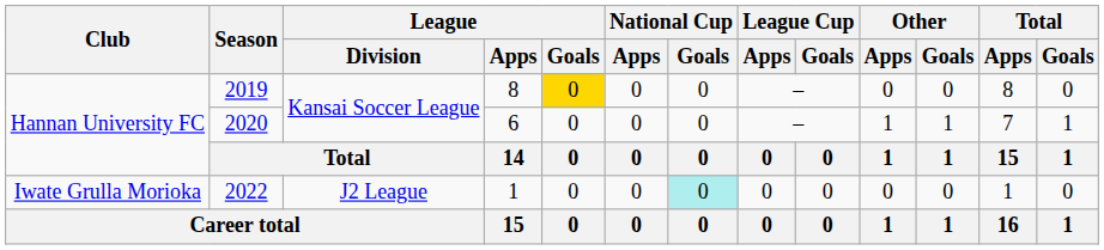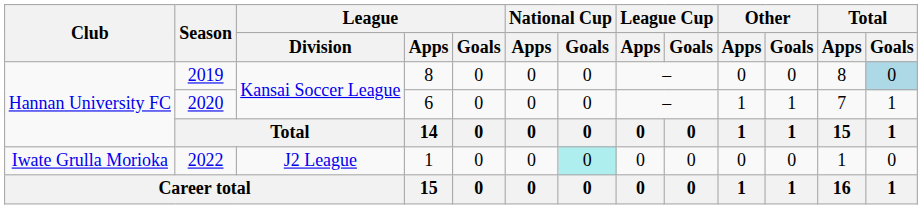 <table class="wikitable" style="text-align: center">
 <tr>
 <th rowspan="2">Club</th>
 <th rowspan="2">Season</th>
 <th colspan="3">League</th>
 <th colspan="2">National Cup</th>
 <th colspan="2">League Cup</th>
 <th colspan="2">Other</th>
 <th colspan="2">Total</th>
 </tr>
 <tr>
 <th>Division</th>
 <th>Apps</th>
 <th>Goals</th>
 <th>Apps</th>
 <th>Goals</th>
 <th>Apps</th>
 <th>Goals</th>
 <th>Apps</th>
 <th>Goals</th>
 <th>Apps</th>
 <th>Goals</th>
 </tr>
 <tr>
 <td rowspan="3"><a href='#'>Hannan University FC</a></td>
 <td><a href='#'>2019</a></td>
 <td rowspan="2"><a href='#'>Kansai Soccer League</a></td>
 <td>8</td>
-<td style="background: gold;">0</td>
+<td>0</td>
 <td>0</td>
 <td>0</td>
 <td colspan="2">–</td>
 <td>0</td>
 <td>0</td>
 <td>8</td>
-<td>0</td>
+<td style="background: lightblue;">0</td>
 </tr>
 <tr>
 <td><a href='#'>2020</a></td>
 <td>6</td>
 <td>0</td>
 <td>0</td>
 <td>0</td>
 <td colspan="2">–</td>
 <td>1</td>
 <td>1</td>
 <td>7</td>
 <td>1</td>
 </tr>
 <tr>
 <th colspan=2>Total</th>
 <th>14</th>
 <th>0</th>
 <th>0</th>
 <th>0</th>
 <th>0</th>
 <th>0</th>
 <th>1</th>
 <th>1</th>
 <th>15</th>
 <th>1</th>
 </tr>
 <tr>
 <td><a href='#'>Iwate Grulla Morioka</a></td>
 <td><a href='#'>2022</a></td>
 <td><a href='#'>J2 League</a></td>
 <td>1</td>
 <td>0</td>
 <td>0</td>
 <td style="background: paleturquoise;">0</td>
 <td>0</td>
 <td>0</td>
 <td>0</td>
 <td>0</td>
 <td>1</td>
 <td>0</td>
 </tr>
 <tr>
 <th colspan=3>Career total</th>
 <th>15</th>
 <th>0</th>
 <th>0</th>
 <th>0</th>
 <th>0</th>
 <th>0</th>
 <th>1</th>
 <th>1</th>
 <th>16</th>
 <th>1</th>
 </tr>
 </table>
